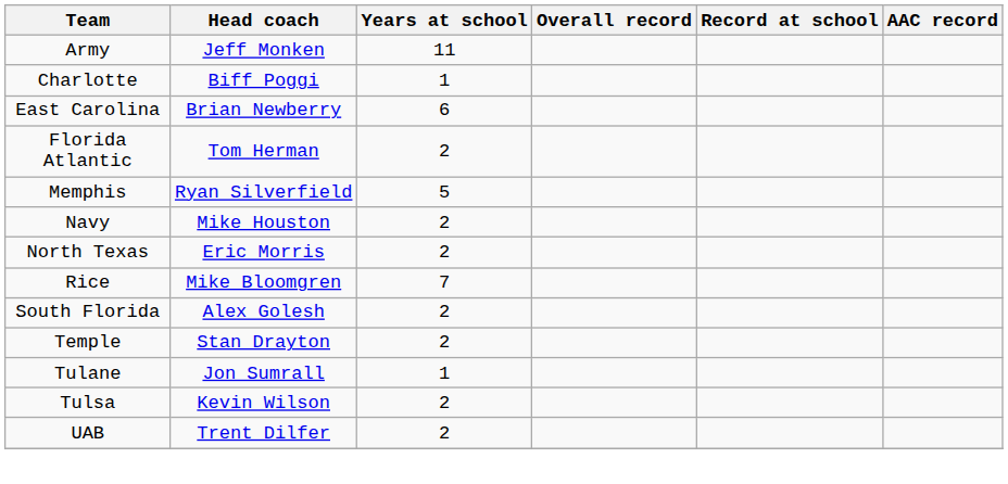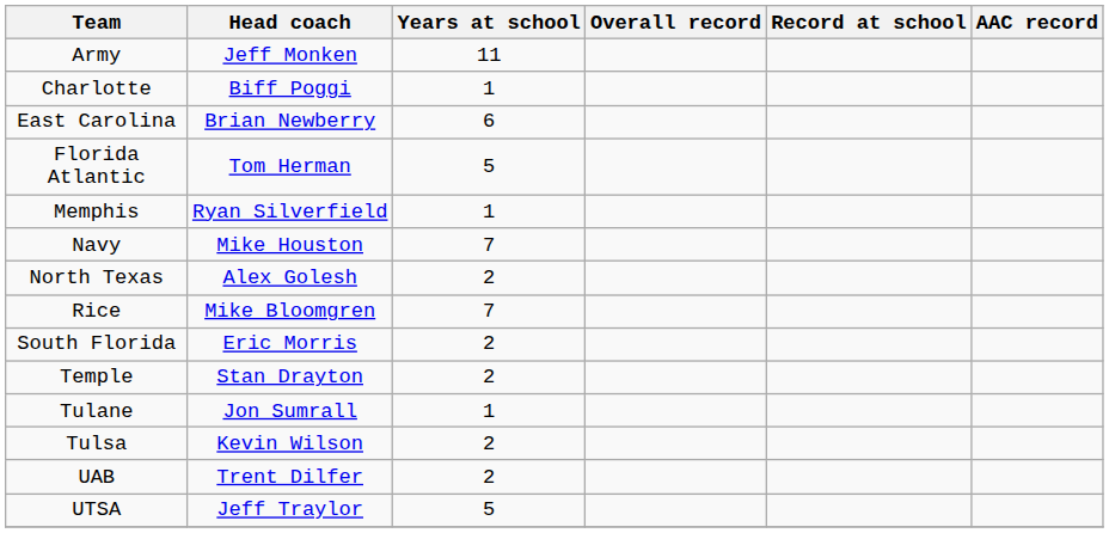 <table class="wikitable sortable" style="text-align: center;">
 <tr>
 <th width="110">Team</th>
 <th>Head coach</th>
 <th>Years at school</th>
 <th>Overall record</th>
 <th>Record at school</th>
 <th>AAC record</th>
 </tr>
 <tr>
 <td>Army</td>
 <td><a href='#'>Jeff Monken</a></td>
 <td>11</td>
 <td data-sort-value=></td>
 <td data-sort-value=></td>
 <td data-sort-value=></td>
 </tr>
 <tr>
 <td>Charlotte</td>
 <td><a href='#'>Biff Poggi</a></td>
 <td>1</td>
 <td data-sort-value=></td>
 <td data-sort-value=></td>
 <td data-sort-value=></td>
 </tr>
 <tr>
 <td>East Carolina</td>
 <td><a href='#'>Brian Newberry</a></td>
 <td>6</td>
 <td data-sort-value=></td>
 <td data-sort-value=></td>
 <td data-sort-value=></td>
 </tr>
 <tr>
 <td>Florida Atlantic</td>
 <td><a href='#'>Tom Herman</a></td>
-<td>2</td>
+<td>5</td>
 <td data-sort-value=></td>
 <td data-sort-value=></td>
 <td data-sort-value=></td>
 </tr>
 <tr>
 <td>Memphis</td>
 <td><a href='#'>Ryan Silverfield</a></td>
-<td>5</td>
+<td>1</td>
 <td data-sort-value=></td>
 <td data-sort-value=></td>
 <td data-sort-value=></td>
 </tr>
 <tr>
 <td>Navy</td>
 <td><a href='#'>Mike Houston</a></td>
-<td>2</td>
+<td>7</td>
 <td data-sort-value=></td>
 <td data-sort-value=></td>
 <td data-sort-value=></td>
 </tr>
 <tr>
 <td>North Texas</td>
-<td><a href='#'>Eric Morris</a></td>
+<td><a href='#'>Alex Golesh</a></td>
 <td>2</td>
 <td data-sort-value=></td>
 <td data-sort-value=></td>
 <td data-sort-value=></td>
 </tr>
 <tr>
 <td>Rice</td>
 <td><a href='#'>Mike Bloomgren</a></td>
 <td>7</td>
 <td data-sort-value=></td>
 <td data-sort-value=></td>
 <td data-sort-value=></td>
 </tr>
 <tr>
 <td>South Florida</td>
-<td><a href='#'>Alex Golesh</a></td>
+<td><a href='#'>Eric Morris</a></td>
 <td>2</td>
 <td data-sort-value=></td>
 <td data-sort-value=></td>
 <td data-sort-value=></td>
 </tr>
 <tr>
 <td>Temple</td>
 <td><a href='#'>Stan Drayton</a></td>
 <td>2</td>
 <td data-sort-value=></td>
 <td data-sort-value=></td>
 <td data-sort-value=></td>
 </tr>
 <tr>
 <td>Tulane</td>
 <td><a href='#'>Jon Sumrall</a></td>
 <td>1</td>
 <td data-sort-value=></td>
 <td data-sort-value=></td>
 <td data-sort-value=></td>
 </tr>
 <tr>
 <td>Tulsa</td>
 <td><a href='#'>Kevin Wilson</a></td>
 <td>2</td>
 <td data-sort-value=></td>
 <td data-sort-value=></td>
 <td data-sort-value=></td>
 </tr>
 <tr>
 <td>UAB</td>
 <td><a href='#'>Trent Dilfer</a></td>
 <td>2</td>
 <td data-sort-value=></td>
 <td data-sort-value=></td>
 <td data-sort-value=></td>
 </tr>
 <tr>
+<td>UTSA</td>
+<td><a href='#'>Jeff Traylor</a></td>
+<td>5</td>
+<td data-sort-value=></td>
+<td data-sort-value=></td>
+<td data-sort-value=></td>
+</tr>
+<tr>
 </tr>
 </table>
